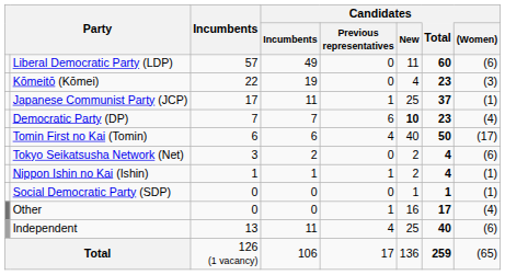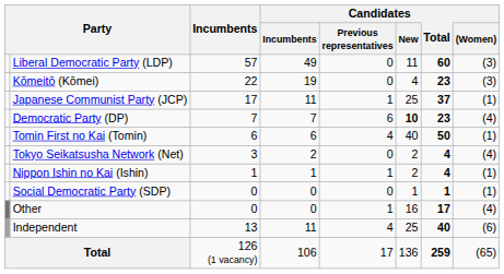 <table class="wikitable">
 <tr>
 <th colspan="2" rowspan="2">Party</th>
 <th rowspan="2">Incumbents</th>
 <th colspan="5">Candidates</th>
 </tr>
 <tr>
 <th><small>Incumbents</small></th>
 <th><small>Previous</small><br><small>representatives</small></th>
 <th><small>New</small></th>
 <th style="border-top:hidden">Total</th>
 <th><small>(Women)</small></th>
 </tr>
 <tr align="right">
 <td style="background-color:"></td>
 <td align="left"><a href='#'>Liberal Democratic Party</a> (LDP)</td>
 <td>57</td>
 <td>49</td>
 <td>0</td>
 <td>11</td>
 <td><strong>60</strong></td>
-<td>(6)</td>
+<td>(3)</td>
 </tr>
 <tr align="right">
 <td style="background-color:"></td>
 <td align="left"><a href='#'>Kōmeitō</a> (Kōmei)</td>
 <td>22</td>
 <td>19</td>
 <td>0</td>
 <td>4</td>
 <td><strong>23</strong></td>
 <td>(3)</td>
 </tr>
 <tr align="right">
 <td style="background-color:"></td>
 <td align="left"><a href='#'>Japanese Communist Party</a> (JCP)</td>
 <td>17</td>
 <td>11</td>
 <td>1</td>
 <td>25</td>
 <td><strong>37</strong></td>
 <td>(1)</td>
 </tr>
 <tr align="right">
 <td style="background-color:"></td>
 <td align="left"><a href='#'>Democratic Party</a> (DP)</td>
 <td>7</td>
 <td>7</td>
 <td>6</td>
 <td><strong>10</strong></td>
 <td><strong>23</strong></td>
 <td>(4)</td>
 </tr>
 <tr align="right">
 <td style="background-color:"></td>
 <td align="left"><a href='#'>Tomin First no Kai</a> (Tomin)</td>
 <td>6</td>
 <td>6</td>
 <td>4</td>
 <td>40</td>
 <td><strong>50</strong></td>
-<td>(17)</td>
+<td>(1)</td>
 </tr>
 <tr align="right">
 <td style="background-color:"></td>
 <td align="left"><a href='#'>Tokyo Seikatsusha Network</a> (Net)</td>
 <td>3</td>
 <td>2</td>
 <td>0</td>
 <td>2</td>
 <td><strong>4</strong></td>
-<td>(6)</td>
+<td>(4)</td>
 </tr>
 <tr align="right">
 <td style="background-color:"></td>
 <td align="left"><a href='#'>Nippon Ishin no Kai</a> (Ishin)</td>
 <td>1</td>
 <td>1</td>
 <td>1</td>
 <td>2</td>
 <td><strong>4</strong></td>
 <td>(1)</td>
 </tr>
 <tr align="right">
 <td style="background-color:"></td>
 <td align="left"><a href='#'>Social Democratic Party</a> (SDP)</td>
 <td>0</td>
 <td>0</td>
 <td>0</td>
 <td>1</td>
 <td><strong>1</strong></td>
 <td>(1)</td>
 </tr>
 <tr align="right">
 <td style="background-color: #707070;"></td>
 <td align="left">Other</td>
 <td>0</td>
 <td>0</td>
 <td>1</td>
 <td>16</td>
 <td><strong>17</strong></td>
 <td>(4)</td>
 </tr>
 <tr align="right">
 <td style="background-color: #A0A0A0;"></td>
 <td align="left">Independent</td>
 <td>13</td>
 <td>11</td>
 <td>4</td>
 <td>25</td>
 <td><strong>40</strong></td>
 <td>(6)</td>
 </tr>
 <tr align="right">
 <th colspan="2">Total</th>
 <td>126<br><small>(1 vacancy)</small></td>
 <td>106</td>
 <td>17</td>
 <td>136</td>
 <td><strong>259</strong></td>
 <td>(65)</td>
 </tr>
 </table>
